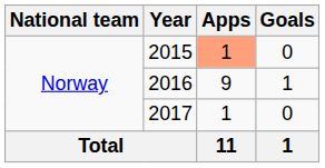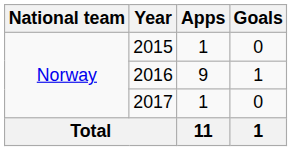 <table class="wikitable" style="text-align:center">
 <tr>
 <th>National team</th>
 <th>Year</th>
 <th>Apps</th>
 <th>Goals</th>
 </tr>
 <tr>
 <td rowspan="3"><a href='#'>Norway</a></td>
 <td>2015</td>
-<td style="background: lightsalmon;">1</td>
+<td>1</td>
 <td>0</td>
 </tr>
 <tr>
 <td>2016</td>
 <td>9</td>
 <td>1</td>
 </tr>
 <tr>
 <td>2017</td>
 <td>1</td>
 <td>0</td>
 </tr>
 <tr>
 <th colspan="2">Total</th>
 <th>11</th>
 <th>1</th>
 </tr>
 </table>
